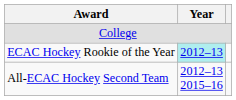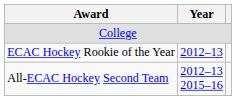 <table class="wikitable">
 <tr>
 <th>Award</th>
 <th>Year</th>
 <th></th>
 </tr>
 <tr ALIGN="center" bgcolor="#e0e0e0">
 <td colspan="3"><a href='#'>College</a></td>
 </tr>
 <tr>
 <td><a href='#'>ECAC Hockey</a> Rookie of the Year</td>
-<td style="background: paleturquoise;"><a href='#'>2012–13</a></td>
+<td><a href='#'>2012–13</a></td>
 <td></td>
 </tr>
 <tr>
 <td>All-<a href='#'>ECAC Hockey</a> <a href='#'>Second Team</a></td>
 <td><a href='#'>2012–13</a><br><a href='#'>2015–16</a></td>
 <td></td>
 </tr>
 </table>
